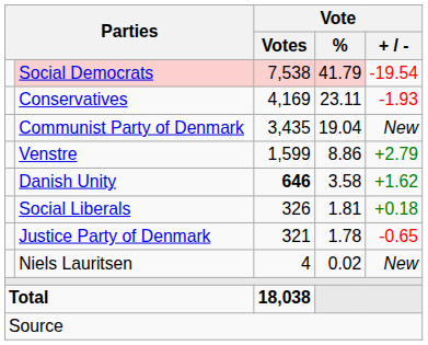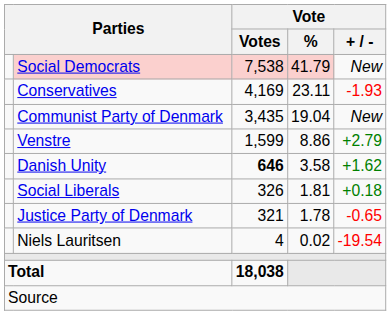 <table class="wikitable" style="text-align:right;">
 <tr>
 <th style="text-align:centre;" rowspan="2" colspan="2" width="225">Parties</th>
 <th colspan="3">Vote</th>
 </tr>
 <tr>
 <th width="15">Votes</th>
 <th width="15">%</th>
 <th width="15">+ / -</th>
 </tr>
 <tr>
 <td width="2" style="color:inherit;background:"></td>
 <td bgcolor=#fbd0ce  align="left"><a href='#'>Social Democrats</a></td>
 <td bgcolor=#fbd0ce>7,538</td>
 <td bgcolor=#fbd0ce>41.79</td>
-<td style=color:red;>-19.54</td>
+<td><em>New</em></td>
 </tr>
 <tr>
 <td width="2" style="color:inherit;background:"></td>
 <td align="left"><a href='#'>Conservatives</a></td>
 <td>4,169</td>
 <td>23.11</td>
 <td style=color:red;>-1.93</td>
 </tr>
 <tr>
 <td width="2" style="color:inherit;background:"></td>
 <td align="left"><a href='#'>Communist Party of Denmark</a></td>
 <td>3,435</td>
 <td>19.04</td>
 <td><em>New</em></td>
 </tr>
 <tr>
 <td width="2" style="color:inherit;background:"></td>
 <td align="left"><a href='#'>Venstre</a></td>
 <td>1,599</td>
 <td>8.86</td>
 <td style=color:green;>+2.79</td>
 </tr>
 <tr>
 <td width="2" style="color:inherit;background:"></td>
 <td align="left"><a href='#'>Danish Unity</a></td>
 <td><strong>646</strong></td>
 <td>3.58</td>
 <td style=color:green;>+1.62</td>
 </tr>
 <tr>
 <td width="2" style="color:inherit;background:"></td>
 <td align="left"><a href='#'>Social Liberals</a></td>
 <td>326</td>
 <td>1.81</td>
 <td style=color:green;>+0.18</td>
 </tr>
 <tr>
 <td width="2" style="color:inherit;background:"></td>
 <td align="left"><a href='#'>Justice Party of Denmark</a></td>
 <td>321</td>
 <td>1.78</td>
 <td style=color:red;>-0.65</td>
 </tr>
 <tr>
 <td width="2" style="color:inherit;background:"></td>
 <td align="left">Niels Lauritsen</td>
 <td>4</td>
 <td>0.02</td>
-<td><em>New</em></td>
+<td style=color:red;>-19.54</td>
 </tr>
 <tr>
 <td colspan="7" bgcolor="#E9E9E9"></td>
 </tr>
 <tr>
 <td align="left" colspan="2"><strong>Total</strong></td>
 <td><strong>18,038</strong></td>
 <td bgcolor="#E9E9E9" colspan="2"></td>
 </tr>
 <tr>
 <td align="left" colspan="6">Source</td>
 </tr>
 </table>
